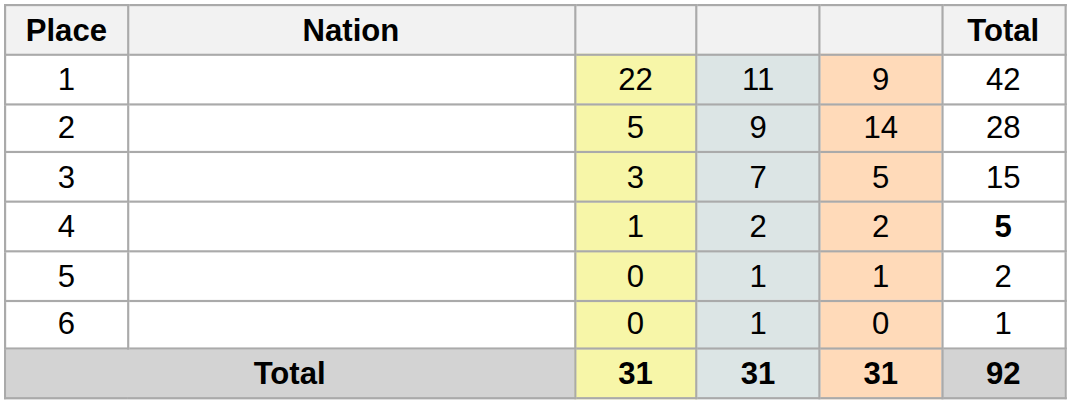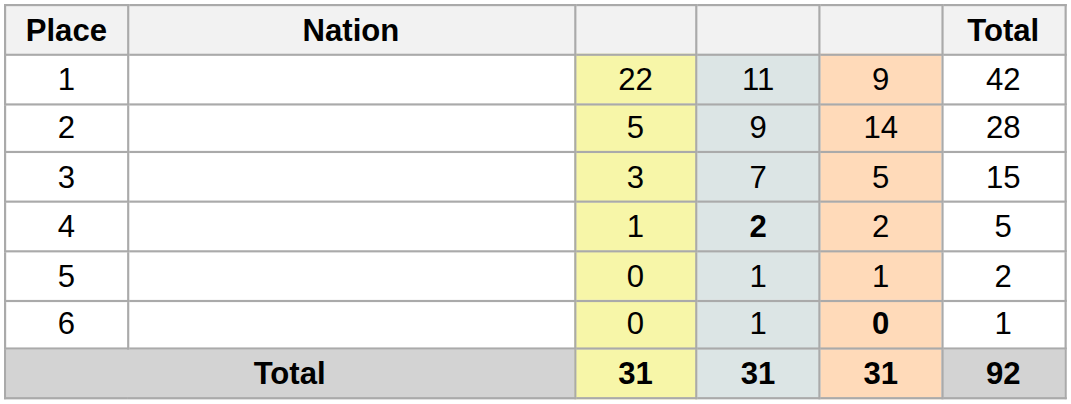 <table class=wikitable style="border:1px solid #AAAAAA;font-size:90%">
 <tr bgcolor="#EFEFEF">
 <th width=50>Place</th>
 <th width=200>Nation</th>
 <th width=50></th>
 <th width=50></th>
 <th width=50></th>
 <th width=50>Total</th>
 </tr>
 <tr align="center" valign="top" bgcolor="#FFFFFF">
 <td>1</td>
 <td align="left"></td>
 <td style="background:#F7F6A8;">22</td>
 <td style="background:#DCE5E5;">11</td>
 <td style="background:#FFDAB9;">9</td>
 <td>42</td>
 </tr>
 <tr align="center" valign="top" bgcolor="#FFFFFF">
 <td>2</td>
 <td align="left"></td>
 <td style="background:#F7F6A8;">5</td>
 <td style="background:#DCE5E5;">9</td>
 <td style="background:#FFDAB9;">14</td>
 <td>28</td>
 </tr>
 <tr align="center" valign="top" bgcolor="#FFFFFF">
 <td>3</td>
 <td align="left"></td>
 <td style="background:#F7F6A8;">3</td>
 <td style="background:#DCE5E5;">7</td>
 <td style="background:#FFDAB9;">5</td>
 <td>15</td>
 </tr>
 <tr align="center" valign="top" bgcolor="#FFFFFF">
 <td>4</td>
 <td align="left"></td>
 <td style="background:#F7F6A8;">1</td>
-<td style="background:#DCE5E5;">2</td>
+<td style="background:#DCE5E5;"><strong>2</strong></td>
 <td style="background:#FFDAB9;">2</td>
-<td><strong>5</strong></td>
+<td>5</td>
 </tr>
 <tr align="center" valign="top" bgcolor="#FFFFFF">
 <td>5</td>
 <td align="left"></td>
 <td style="background:#F7F6A8;">0</td>
 <td style="background:#DCE5E5;">1</td>
 <td style="background:#FFDAB9;">1</td>
 <td>2</td>
 </tr>
 <tr align="center" valign="top" bgcolor="#FFFFFF">
 <td>6</td>
 <td align="left"></td>
 <td style="background:#F7F6A8;">0</td>
 <td style="background:#DCE5E5;">1</td>
-<td style="background:#FFDAB9;">0</td>
+<td style="background:#FFDAB9;"><strong>0</strong></td>
 <td>1</td>
 </tr>
 <tr align="center">
 <td colspan="2" bgcolor=D3D3D3><strong>Total</strong></td>
 <td style="background:#F7F6A8;"><strong>31</strong></td>
 <td style="background:#DCE5E5;"><strong>31</strong></td>
 <td style="background:#FFDAB9;"><strong>31</strong></td>
 <td bgcolor=D3D3D3><strong>92</strong></td>
 </tr>
 </table>
